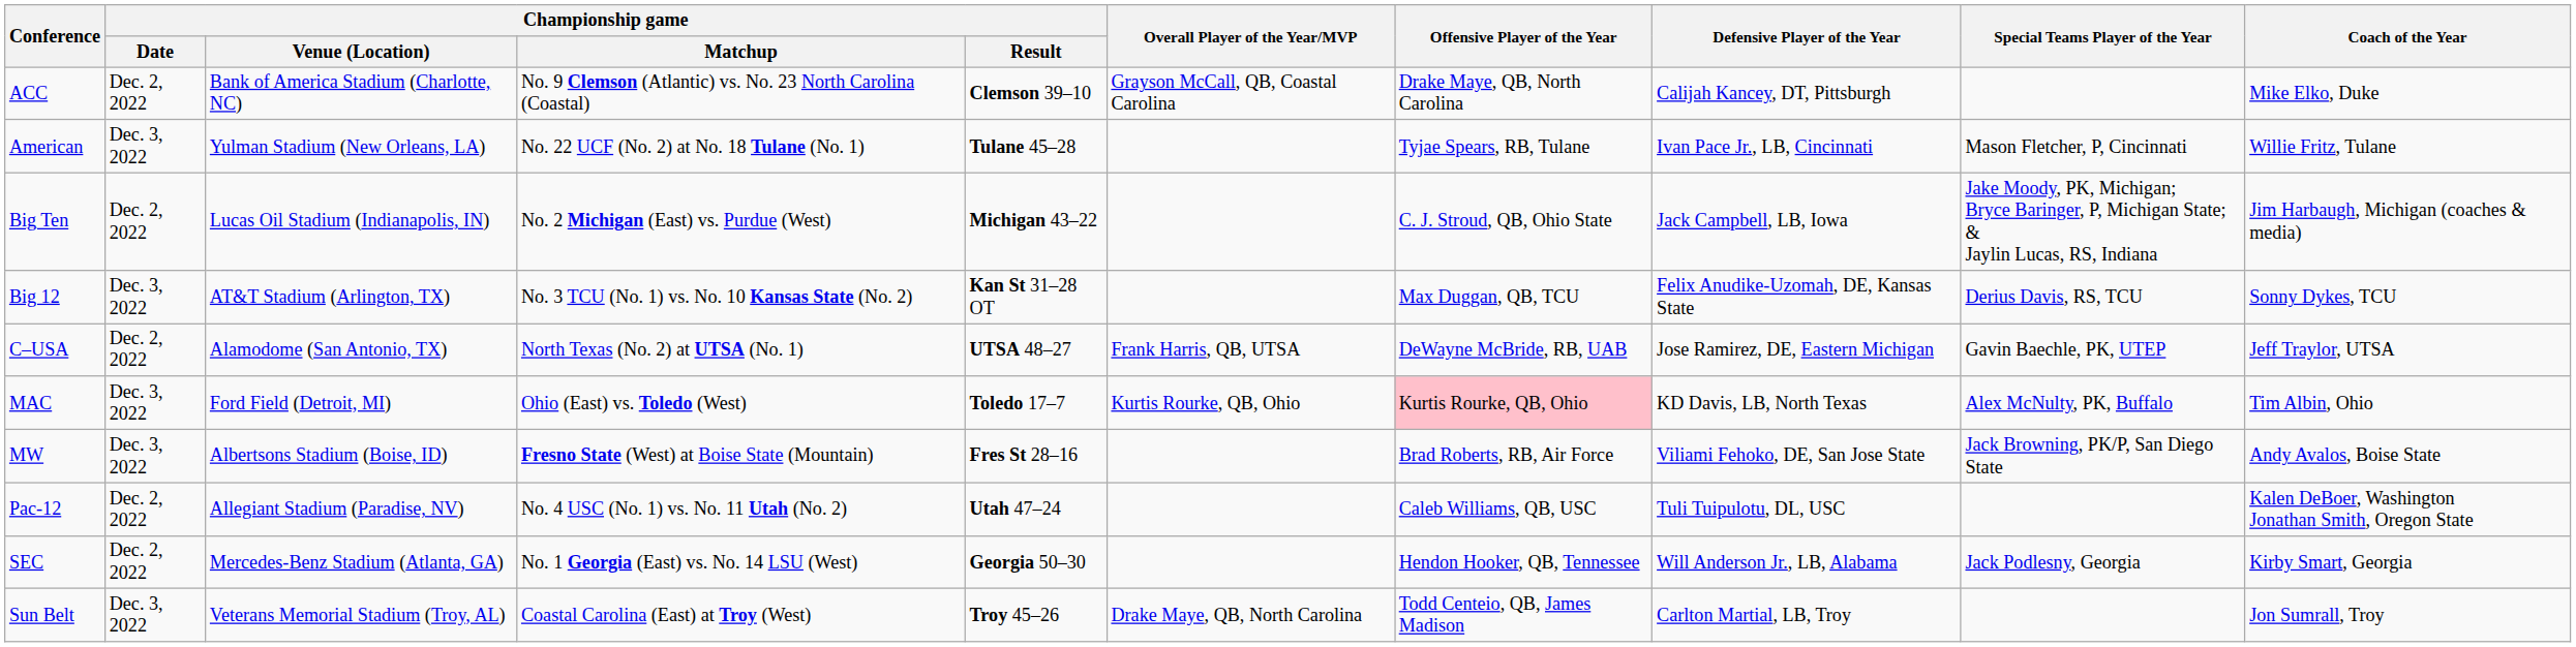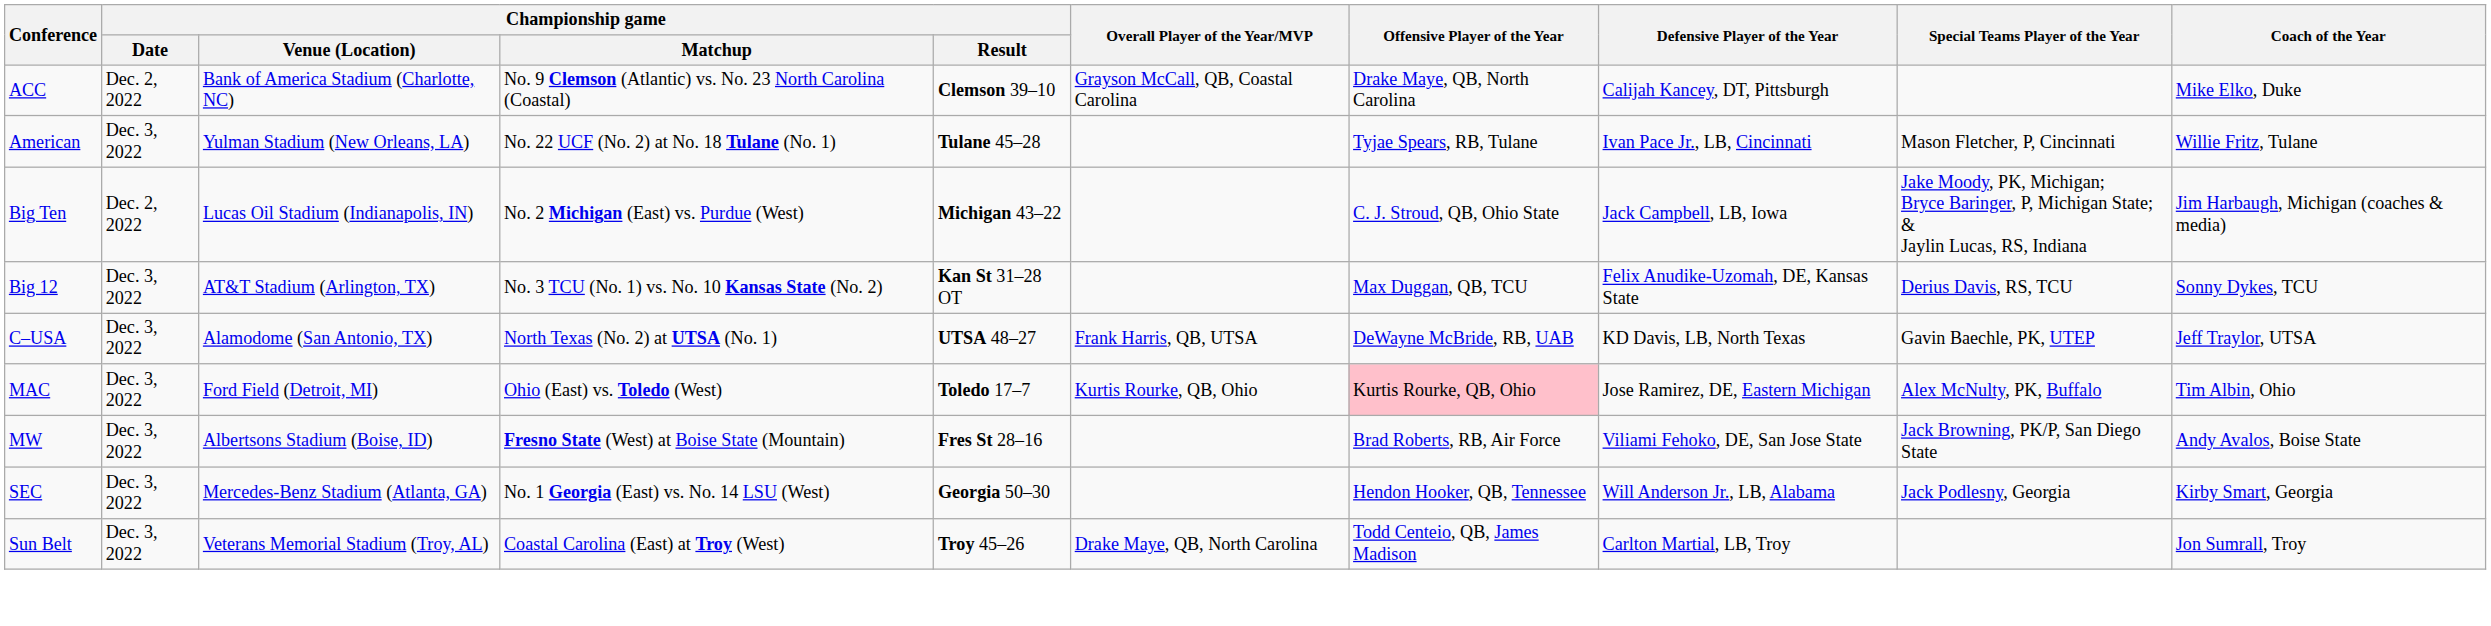 <table class="wikitable" style="font-size:90%;">
 <tr>
 <th rowspan=2>Conference</th>
 <th colspan=4>Championship game</th>
 <th rowspan=2><small>Overall Player of the Year/MVP</small></th>
 <th rowspan=2><small>Offensive Player of the Year</small></th>
 <th rowspan=2><small>Defensive Player of the Year</small></th>
 <th rowspan=2><small>Special Teams Player of the Year</small></th>
 <th rowspan=2><small>Coach of the Year</small></th>
 </tr>
 <tr>
 <th>Date</th>
 <th>Venue (Location)</th>
 <th>Matchup</th>
 <th>Result</th>
 </tr>
 <tr>
 <td><a href='#'>ACC</a></td>
 <td>Dec. 2, 2022</td>
 <td><a href='#'>Bank of America Stadium</a> (<a href='#'>Charlotte, NC</a>)</td>
 <td>No. 9 <strong><a href='#'>Clemson</a></strong> (Atlantic) vs. No. 23 <a href='#'>North Carolina</a> (Coastal)</td>
 <td><strong>Clemson</strong> 39–10</td>
 <td><a href='#'>Grayson McCall</a>, QB, Coastal Carolina</td>
 <td><a href='#'>Drake Maye</a>, QB, North Carolina</td>
 <td><a href='#'>Calijah Kancey</a>, DT, Pittsburgh</td>
 <td></td>
 <td><a href='#'>Mike Elko</a>, Duke</td>
 </tr>
 <tr>
 <td><a href='#'>American</a></td>
 <td>Dec. 3, 2022</td>
 <td><a href='#'>Yulman Stadium</a> (<a href='#'>New Orleans, LA</a>)</td>
 <td>No. 22 <a href='#'>UCF</a> (No. 2) at No. 18 <strong><a href='#'>Tulane</a></strong> (No. 1)</td>
 <td><strong>Tulane</strong> 45–28</td>
 <td></td>
 <td><a href='#'>Tyjae Spears</a>, RB, Tulane</td>
 <td><a href='#'>Ivan Pace Jr.</a>, LB, <a href='#'>Cincinnati</a></td>
 <td>Mason Fletcher, P, Cincinnati</td>
 <td><a href='#'>Willie Fritz</a>, Tulane</td>
 </tr>
 <tr>
 <td><a href='#'>Big Ten</a></td>
 <td>Dec. 2, 2022</td>
 <td><a href='#'>Lucas Oil Stadium</a> (<a href='#'>Indianapolis, IN</a>)</td>
 <td>No. 2 <strong><a href='#'>Michigan</a></strong> (East) vs. <a href='#'>Purdue</a> (West)</td>
 <td><strong>Michigan</strong> 43–22</td>
 <td></td>
 <td><a href='#'>C. J. Stroud</a>, QB, Ohio State</td>
 <td><a href='#'>Jack Campbell</a>, LB, Iowa</td>
 <td><a href='#'>Jake Moody</a>, PK, Michigan;<br><a href='#'>Bryce Baringer</a>, P, Michigan State; &<br>Jaylin Lucas, RS, Indiana</td>
 <td><a href='#'>Jim Harbaugh</a>, Michigan (coaches & media)</td>
 </tr>
 <tr>
 <td><a href='#'>Big 12</a></td>
 <td>Dec. 3, 2022</td>
 <td><a href='#'>AT&T Stadium</a> (<a href='#'>Arlington, TX</a>)</td>
 <td>No. 3 <a href='#'>TCU</a> (No. 1) vs. No. 10 <strong><a href='#'>Kansas State</a></strong> (No. 2)</td>
 <td><strong>Kan St</strong> 31–28 OT</td>
 <td></td>
 <td><a href='#'>Max Duggan</a>, QB, TCU</td>
 <td><a href='#'>Felix Anudike-Uzomah</a>, DE, Kansas State</td>
 <td><a href='#'>Derius Davis</a>, RS, TCU</td>
 <td><a href='#'>Sonny Dykes</a>, TCU</td>
 </tr>
 <tr>
 <td><a href='#'>C–USA</a></td>
-<td>Dec. 2, 2022</td>
+<td>Dec. 3, 2022</td>
 <td><a href='#'>Alamodome</a> (<a href='#'>San Antonio, TX</a>)</td>
 <td><a href='#'>North Texas</a> (No. 2) at <strong><a href='#'>UTSA</a></strong> (No. 1)</td>
 <td><strong>UTSA</strong> 48–27</td>
 <td><a href='#'>Frank Harris</a>, QB, UTSA</td>
 <td><a href='#'>DeWayne McBride</a>, RB, <a href='#'>UAB</a></td>
-<td>Jose Ramirez, DE, <a href='#'>Eastern Michigan</a></td>
+<td>KD Davis, LB, North Texas</td>
 <td>Gavin Baechle, PK, <a href='#'>UTEP</a></td>
 <td><a href='#'>Jeff Traylor</a>, UTSA</td>
 </tr>
 <tr>
 <td><a href='#'>MAC</a></td>
 <td>Dec. 3, 2022</td>
 <td><a href='#'>Ford Field</a> (<a href='#'>Detroit, MI</a>)</td>
 <td><a href='#'>Ohio</a> (East) vs. <strong><a href='#'>Toledo</a></strong> (West)</td>
 <td><strong>Toledo</strong> 17–7</td>
 <td><a href='#'>Kurtis Rourke</a>, QB, Ohio</td>
 <td style="background: pink;">Kurtis Rourke, QB, Ohio</td>
-<td>KD Davis, LB, North Texas</td>
+<td>Jose Ramirez, DE, <a href='#'>Eastern Michigan</a></td>
 <td><a href='#'>Alex McNulty</a>, PK, <a href='#'>Buffalo</a></td>
 <td><a href='#'>Tim Albin</a>, Ohio</td>
 </tr>
 <tr>
 <td><a href='#'>MW</a></td>
 <td>Dec. 3, 2022</td>
 <td><a href='#'>Albertsons Stadium</a> (<a href='#'>Boise, ID</a>)</td>
 <td><strong><a href='#'>Fresno State</a></strong> (West) at <a href='#'>Boise State</a> (Mountain)</td>
 <td><strong>Fres St</strong> 28–16</td>
 <td></td>
 <td><a href='#'>Brad Roberts</a>, RB, Air Force</td>
 <td><a href='#'>Viliami Fehoko</a>, DE, San Jose State</td>
 <td><a href='#'>Jack Browning</a>, PK/P, San Diego State</td>
 <td><a href='#'>Andy Avalos</a>, Boise State</td>
 </tr>
 <tr>
-<td><a href='#'>Pac-12</a></td>
-<td>Dec. 2, 2022</td>
-<td><a href='#'>Allegiant Stadium</a> (<a href='#'>Paradise, NV</a>)</td>
-<td>No. 4 <a href='#'>USC</a> (No. 1) vs. No. 11 <strong><a href='#'>Utah</a></strong> (No. 2)</td>
-<td><strong>Utah</strong> 47–24</td>
-<td></td>
-<td><a href='#'>Caleb Williams</a>, QB, USC</td>
-<td><a href='#'>Tuli Tuipulotu</a>, DL, USC</td>
-<td></td>
-<td><a href='#'>Kalen DeBoer</a>, Washington<br><a href='#'>Jonathan Smith</a>, Oregon State</td>
-</tr>
-<tr>
 <td><a href='#'>SEC</a></td>
-<td>Dec. 2, 2022</td>
+<td>Dec. 3, 2022</td>
 <td><a href='#'>Mercedes-Benz Stadium</a> (<a href='#'>Atlanta, GA</a>)</td>
 <td>No. 1 <strong><a href='#'>Georgia</a></strong> (East) vs. No. 14 <a href='#'>LSU</a> (West)</td>
 <td><strong>Georgia</strong> 50–30</td>
 <td></td>
 <td><a href='#'>Hendon Hooker</a>, QB, <a href='#'>Tennessee</a></td>
 <td><a href='#'>Will Anderson Jr.</a>, LB, <a href='#'>Alabama</a></td>
 <td><a href='#'>Jack Podlesny</a>, Georgia</td>
 <td><a href='#'>Kirby Smart</a>, Georgia</td>
 </tr>
 <tr>
 <td><a href='#'>Sun Belt</a></td>
 <td>Dec. 3, 2022</td>
 <td><a href='#'>Veterans Memorial Stadium</a> (<a href='#'>Troy, AL</a>)</td>
 <td><a href='#'>Coastal Carolina</a> (East) at <strong><a href='#'>Troy</a></strong> (West)</td>
 <td><strong>Troy</strong> 45–26</td>
 <td><a href='#'>Drake Maye</a>, QB, North Carolina</td>
 <td><a href='#'>Todd Centeio</a>, QB, <a href='#'>James Madison</a></td>
 <td><a href='#'>Carlton Martial</a>, LB, Troy</td>
 <td></td>
 <td><a href='#'>Jon Sumrall</a>, Troy</td>
 </tr>
 </table>
